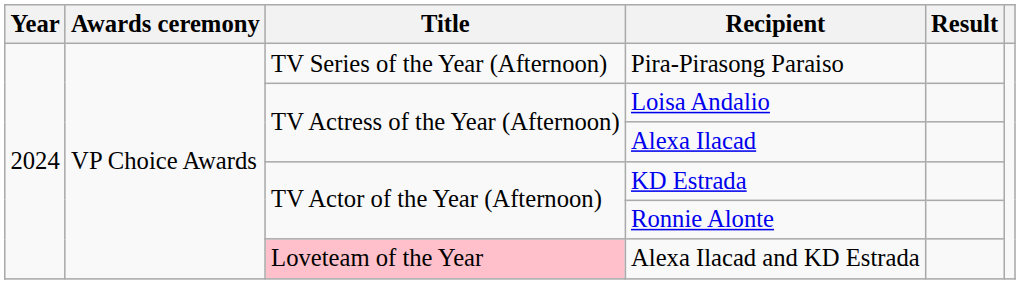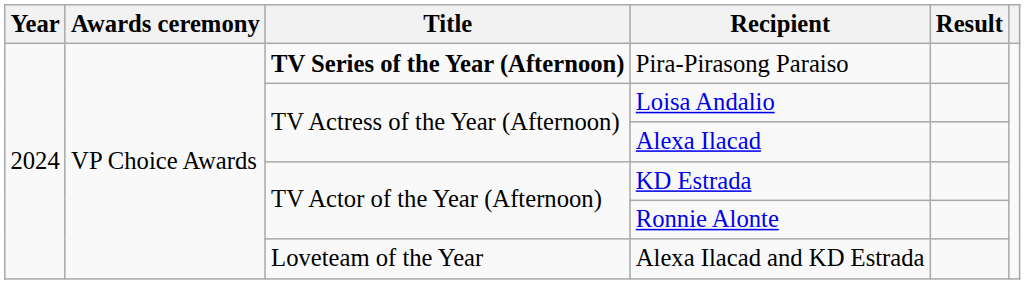 <table class="wikitable sortable">
 <tr>
 <th>Year</th>
 <th>Awards ceremony</th>
 <th>Title</th>
 <th>Recipient</th>
 <th>Result</th>
 <th></th>
 </tr>
 <tr>
 <td rowspan="6">2024</td>
 <td rowspan="6">VP Choice Awards</td>
-<td>TV Series of the Year (Afternoon)</td>
+<td><strong>TV Series of the Year (Afternoon)</strong></td>
 <td>Pira-Pirasong Paraiso</td>
 <td></td>
 <td rowspan="6"></td>
 </tr>
 <tr>
 <td rowspan="2">TV Actress of the Year (Afternoon)</td>
 <td><a href='#'>Loisa Andalio</a></td>
 <td></td>
 </tr>
 <tr>
 <td><a href='#'>Alexa Ilacad</a></td>
 <td></td>
 </tr>
 <tr>
 <td rowspan="2">TV Actor of the Year (Afternoon)</td>
 <td><a href='#'>KD Estrada</a></td>
 <td></td>
 </tr>
 <tr>
 <td><a href='#'>Ronnie Alonte</a></td>
 <td></td>
 </tr>
 <tr>
-<td style="background: pink;">Loveteam of the Year</td>
+<td>Loveteam of the Year</td>
 <td>Alexa Ilacad and KD Estrada</td>
 <td></td>
 </tr>
 </table>
